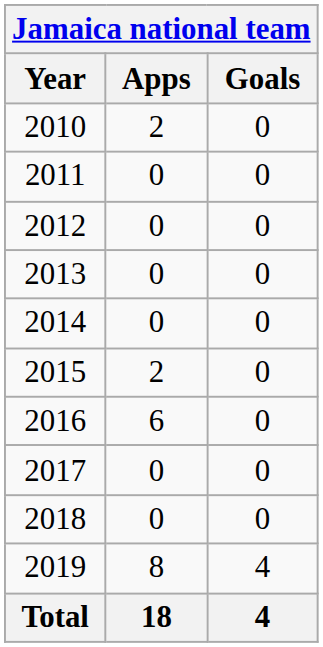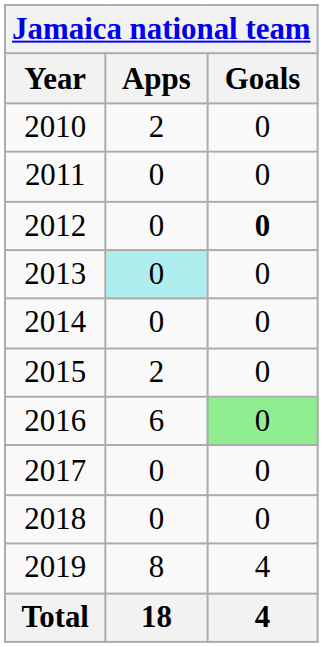 <table class="wikitable" style="text-align:center">
 <tr>
 <th colspan=3><a href='#'>Jamaica national team</a></th>
 </tr>
 <tr>
 <th>Year</th>
 <th>Apps</th>
 <th>Goals</th>
 </tr>
 <tr>
 <td>2010</td>
 <td>2</td>
 <td>0</td>
 </tr>
 <tr>
 <td>2011</td>
 <td>0</td>
 <td>0</td>
 </tr>
 <tr>
 <td>2012</td>
 <td>0</td>
-<td>0</td>
+<td><strong>0</strong></td>
 </tr>
 <tr>
 <td>2013</td>
-<td>0</td>
+<td style="background: paleturquoise;">0</td>
 <td>0</td>
 </tr>
 <tr>
 <td>2014</td>
 <td>0</td>
 <td>0</td>
 </tr>
 <tr>
 <td>2015</td>
 <td>2</td>
 <td>0</td>
 </tr>
 <tr>
 <td>2016</td>
 <td>6</td>
-<td>0</td>
+<td style="background: lightgreen;">0</td>
 </tr>
 <tr>
 <td>2017</td>
 <td>0</td>
 <td>0</td>
 </tr>
 <tr>
 <td>2018</td>
 <td>0</td>
 <td>0</td>
 </tr>
 <tr>
 <td>2019</td>
 <td>8</td>
 <td>4</td>
 </tr>
 <tr>
 <th>Total</th>
 <th>18</th>
 <th>4</th>
 </tr>
 </table>
